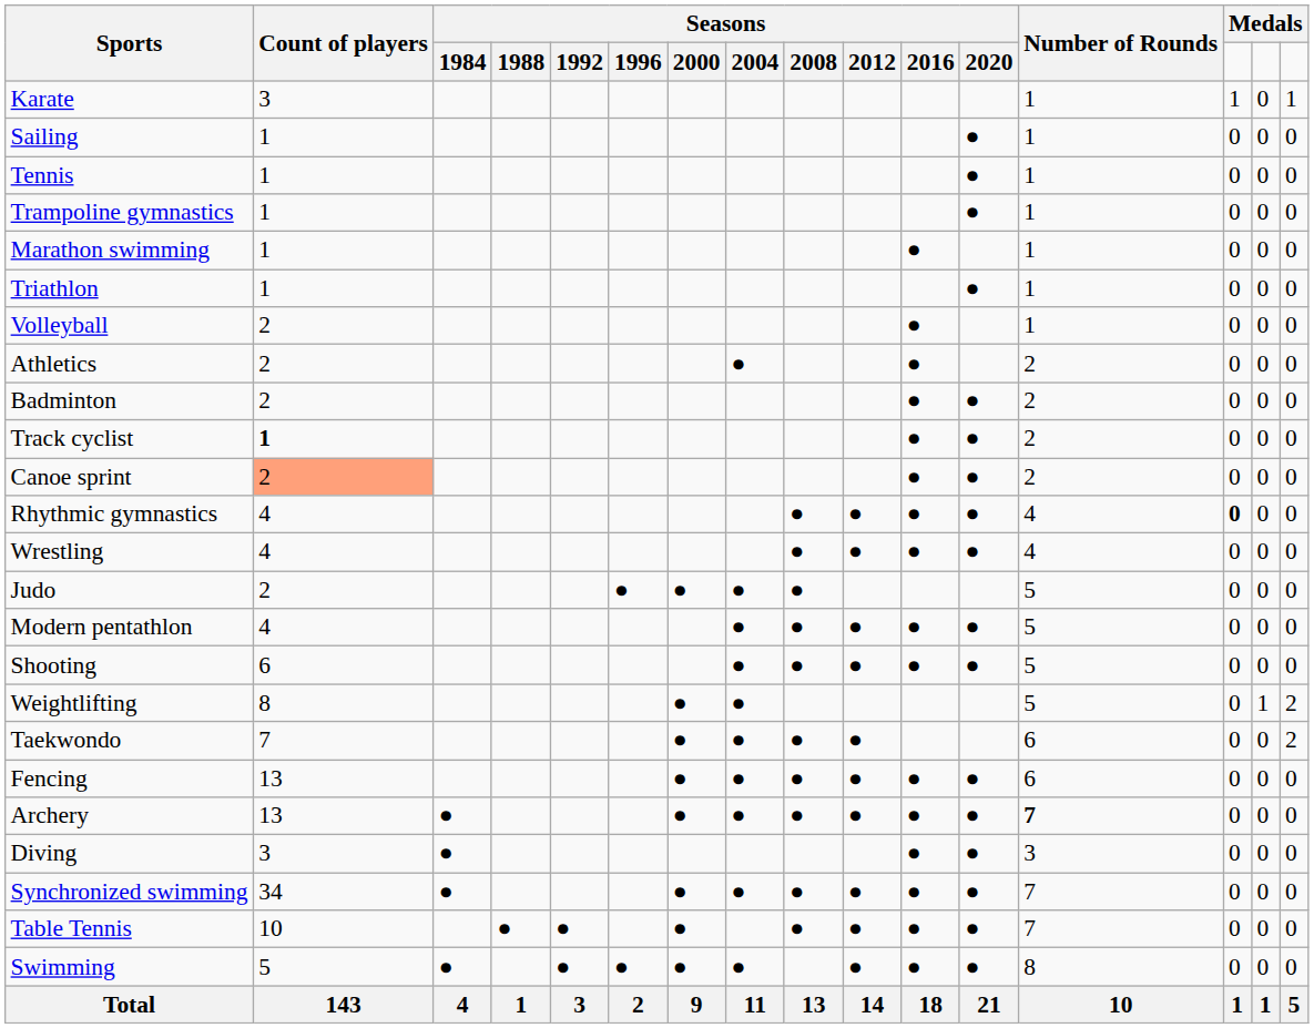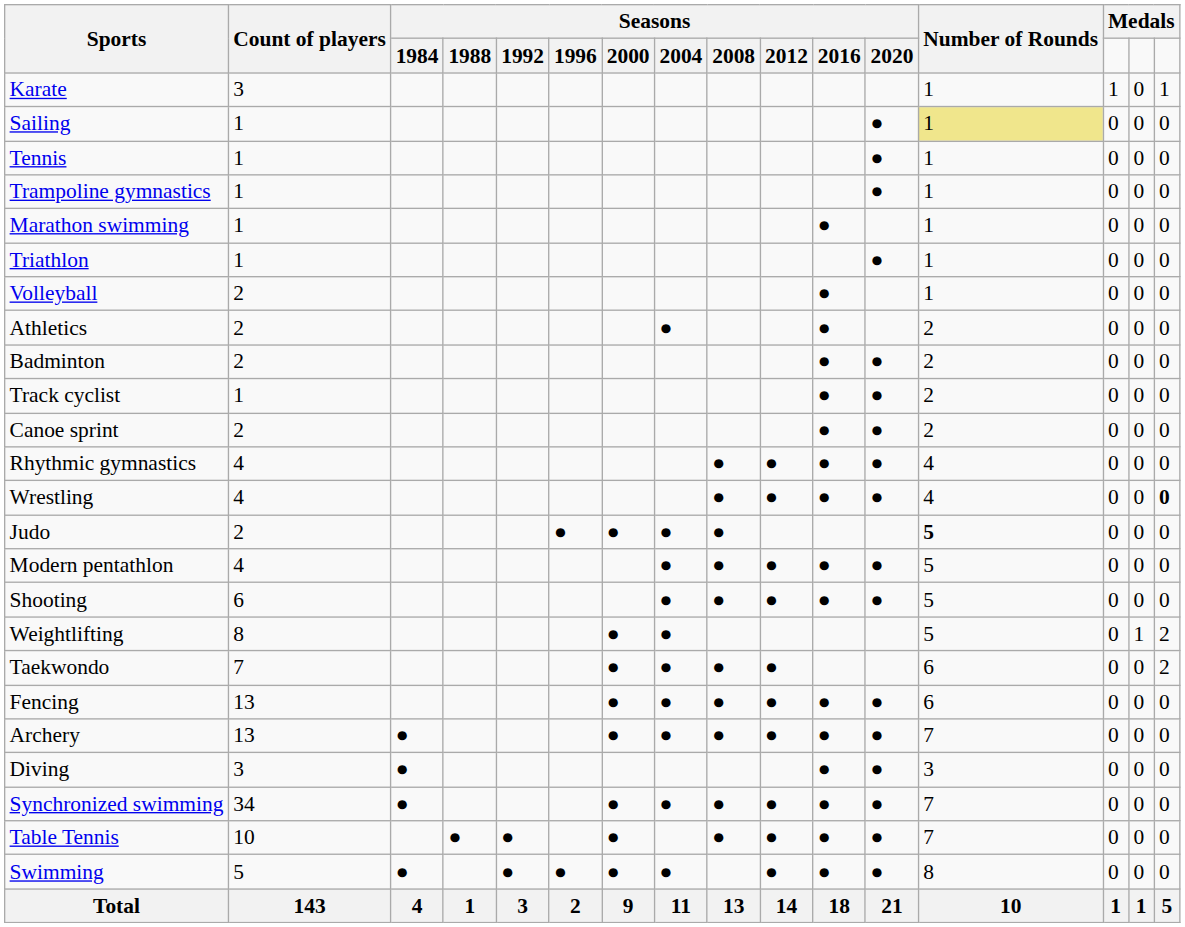 <table class="wikitable sortable">
 <tr>
 <th rowspan="2">Sports</th>
 <th rowspan="2">Count of players</th>
 <th colspan="10">Seasons</th>
 <th rowspan="2">Number of Rounds</th>
 <th colspan="3">Medals</th>
 </tr>
 <tr>
 <th>1984</th>
 <th>1988</th>
 <th>1992</th>
 <th>1996</th>
 <th>2000</th>
 <th>2004</th>
 <th>2008</th>
 <th>2012</th>
 <th>2016</th>
 <th>2020</th>
 <td></td>
 <td></td>
 <td></td>
 </tr>
 <tr>
 <td><a href='#'>Karate</a></td>
 <td>3</td>
 <td></td>
 <td></td>
 <td></td>
 <td></td>
 <td></td>
 <td></td>
 <td></td>
 <td></td>
 <td></td>
 <td></td>
 <td>1</td>
 <td>1</td>
 <td>0</td>
 <td>1</td>
 </tr>
 <tr>
 <td><a href='#'>Sailing</a></td>
 <td>1</td>
 <td></td>
 <td></td>
 <td></td>
 <td></td>
 <td></td>
 <td></td>
 <td></td>
 <td></td>
 <td></td>
 <td>●</td>
-<td>1</td>
+<td style="background: khaki;">1</td>
 <td>0</td>
 <td>0</td>
 <td>0</td>
 </tr>
 <tr>
 <td><a href='#'>Tennis</a></td>
 <td>1</td>
 <td></td>
 <td></td>
 <td></td>
 <td></td>
 <td></td>
 <td></td>
 <td></td>
 <td></td>
 <td></td>
 <td>●</td>
 <td>1</td>
 <td>0</td>
 <td>0</td>
 <td>0</td>
 </tr>
 <tr>
 <td><a href='#'>Trampoline gymnastics</a></td>
 <td>1</td>
 <td></td>
 <td></td>
 <td></td>
 <td></td>
 <td></td>
 <td></td>
 <td></td>
 <td></td>
 <td></td>
 <td>●</td>
 <td>1</td>
 <td>0</td>
 <td>0</td>
 <td>0</td>
 </tr>
 <tr>
 <td><a href='#'>Marathon swimming</a></td>
 <td>1</td>
 <td></td>
 <td></td>
 <td></td>
 <td></td>
 <td></td>
 <td></td>
 <td></td>
 <td></td>
 <td>●</td>
 <td></td>
 <td>1</td>
 <td>0</td>
 <td>0</td>
 <td>0</td>
 </tr>
 <tr>
 <td><a href='#'>Triathlon</a></td>
 <td>1</td>
 <td></td>
 <td></td>
 <td></td>
 <td></td>
 <td></td>
 <td></td>
 <td></td>
 <td></td>
 <td></td>
 <td>●</td>
 <td>1</td>
 <td>0</td>
 <td>0</td>
 <td>0</td>
 </tr>
 <tr>
 <td><a href='#'>Volleyball</a></td>
 <td>2</td>
 <td></td>
 <td></td>
 <td></td>
 <td></td>
 <td></td>
 <td></td>
 <td></td>
 <td></td>
 <td>●</td>
 <td></td>
 <td>1</td>
 <td>0</td>
 <td>0</td>
 <td>0</td>
 </tr>
 <tr>
 <td>Athletics</td>
 <td>2</td>
 <td></td>
 <td></td>
 <td></td>
 <td></td>
 <td></td>
 <td>●</td>
 <td></td>
 <td></td>
 <td>●</td>
 <td></td>
 <td>2</td>
 <td>0</td>
 <td>0</td>
 <td>0</td>
 </tr>
 <tr>
 <td>Badminton</td>
 <td>2</td>
 <td></td>
 <td></td>
 <td></td>
 <td></td>
 <td></td>
 <td></td>
 <td></td>
 <td></td>
 <td>●</td>
 <td>●</td>
 <td>2</td>
 <td>0</td>
 <td>0</td>
 <td>0</td>
 </tr>
 <tr>
 <td>Track cyclist</td>
-<td><strong>1</strong></td>
+<td>1</td>
 <td></td>
 <td></td>
 <td></td>
 <td></td>
 <td></td>
 <td></td>
 <td></td>
 <td></td>
 <td>●</td>
 <td>●</td>
 <td>2</td>
 <td>0</td>
 <td>0</td>
 <td>0</td>
 </tr>
 <tr>
 <td>Canoe sprint</td>
-<td style="background: lightsalmon;">2</td>
+<td>2</td>
 <td></td>
 <td></td>
 <td></td>
 <td></td>
 <td></td>
 <td></td>
 <td></td>
 <td></td>
 <td>●</td>
 <td>●</td>
 <td>2</td>
 <td>0</td>
 <td>0</td>
 <td>0</td>
 </tr>
 <tr>
 <td>Rhythmic gymnastics</td>
 <td>4</td>
 <td></td>
 <td></td>
 <td></td>
 <td></td>
 <td></td>
 <td></td>
 <td>●</td>
 <td>●</td>
 <td>●</td>
 <td>●</td>
 <td>4</td>
-<td><strong>0</strong></td>
+<td>0</td>
 <td>0</td>
 <td>0</td>
 </tr>
 <tr>
 <td>Wrestling</td>
 <td>4</td>
 <td></td>
 <td></td>
 <td></td>
 <td></td>
 <td></td>
 <td></td>
 <td>●</td>
 <td>●</td>
 <td>●</td>
 <td>●</td>
 <td>4</td>
 <td>0</td>
 <td>0</td>
-<td>0</td>
+<td><strong>0</strong></td>
 </tr>
 <tr>
 <td>Judo</td>
 <td>2</td>
 <td></td>
 <td></td>
 <td></td>
 <td>●</td>
 <td>●</td>
 <td>●</td>
 <td>●</td>
 <td></td>
 <td></td>
 <td></td>
-<td>5</td>
+<td><strong>5</strong></td>
 <td>0</td>
 <td>0</td>
 <td>0</td>
 </tr>
 <tr>
 <td>Modern pentathlon</td>
 <td>4</td>
 <td></td>
 <td></td>
 <td></td>
 <td></td>
 <td></td>
 <td>●</td>
 <td>●</td>
 <td>●</td>
 <td>●</td>
 <td>●</td>
 <td>5</td>
 <td>0</td>
 <td>0</td>
 <td>0</td>
 </tr>
 <tr>
 <td>Shooting</td>
 <td>6</td>
 <td></td>
 <td></td>
 <td></td>
 <td></td>
 <td></td>
 <td>●</td>
 <td>●</td>
 <td>●</td>
 <td>●</td>
 <td>●</td>
 <td>5</td>
 <td>0</td>
 <td>0</td>
 <td>0</td>
 </tr>
 <tr>
 <td>Weightlifting</td>
 <td>8</td>
 <td></td>
 <td></td>
 <td></td>
 <td></td>
 <td>●</td>
 <td>●</td>
 <td></td>
 <td></td>
 <td></td>
 <td></td>
 <td>5</td>
 <td>0</td>
 <td>1</td>
 <td>2</td>
 </tr>
 <tr>
 <td>Taekwondo</td>
 <td>7</td>
 <td></td>
 <td></td>
 <td></td>
 <td></td>
 <td>●</td>
 <td>●</td>
 <td>●</td>
 <td>●</td>
 <td></td>
 <td></td>
 <td>6</td>
 <td>0</td>
 <td>0</td>
 <td>2</td>
 </tr>
 <tr>
 <td>Fencing</td>
 <td>13</td>
 <td></td>
 <td></td>
 <td></td>
 <td></td>
 <td>●</td>
 <td>●</td>
 <td>●</td>
 <td>●</td>
 <td>●</td>
 <td>●</td>
 <td>6</td>
 <td>0</td>
 <td>0</td>
 <td>0</td>
 </tr>
 <tr>
 <td>Archery</td>
 <td>13</td>
 <td>●</td>
 <td></td>
 <td></td>
 <td></td>
 <td>●</td>
 <td>●</td>
 <td>●</td>
 <td>●</td>
 <td>●</td>
 <td>●</td>
-<td><strong>7</strong></td>
+<td>7</td>
 <td>0</td>
 <td>0</td>
 <td>0</td>
 </tr>
 <tr>
 <td>Diving</td>
 <td>3</td>
 <td>●</td>
 <td></td>
 <td></td>
 <td></td>
 <td></td>
 <td></td>
 <td></td>
 <td></td>
 <td>●</td>
 <td>●</td>
 <td>3</td>
 <td>0</td>
 <td>0</td>
 <td>0</td>
 </tr>
 <tr>
 <td><a href='#'>Synchronized swimming</a></td>
 <td>34</td>
 <td>●</td>
 <td></td>
 <td></td>
 <td></td>
 <td>●</td>
 <td>●</td>
 <td>●</td>
 <td>●</td>
 <td>●</td>
 <td>●</td>
 <td>7</td>
 <td>0</td>
 <td>0</td>
 <td>0</td>
 </tr>
 <tr>
 <td><a href='#'>Table Tennis</a></td>
 <td>10</td>
 <td></td>
 <td>●</td>
 <td>●</td>
 <td></td>
 <td>●</td>
 <td></td>
 <td>●</td>
 <td>●</td>
 <td>●</td>
 <td>●</td>
 <td>7</td>
 <td>0</td>
 <td>0</td>
 <td>0</td>
 </tr>
 <tr>
 <td><a href='#'>Swimming</a></td>
 <td>5</td>
 <td>●</td>
 <td></td>
 <td>●</td>
 <td>●</td>
 <td>●</td>
 <td>●</td>
 <td></td>
 <td>●</td>
 <td>●</td>
 <td>●</td>
 <td>8</td>
 <td>0</td>
 <td>0</td>
 <td>0</td>
 </tr>
 <tr>
 <th>Total</th>
 <th>143</th>
 <th>4</th>
 <th>1</th>
 <th>3</th>
 <th>2</th>
 <th>9</th>
 <th>11</th>
 <th>13</th>
 <th>14</th>
 <th>18</th>
 <th>21</th>
 <th>10</th>
 <th>1</th>
 <th>1</th>
 <th>5</th>
 </tr>
 </table>
